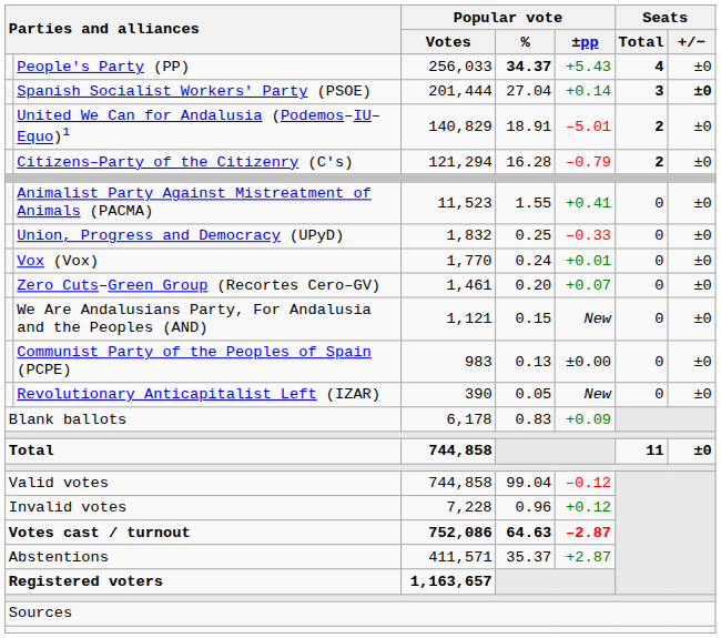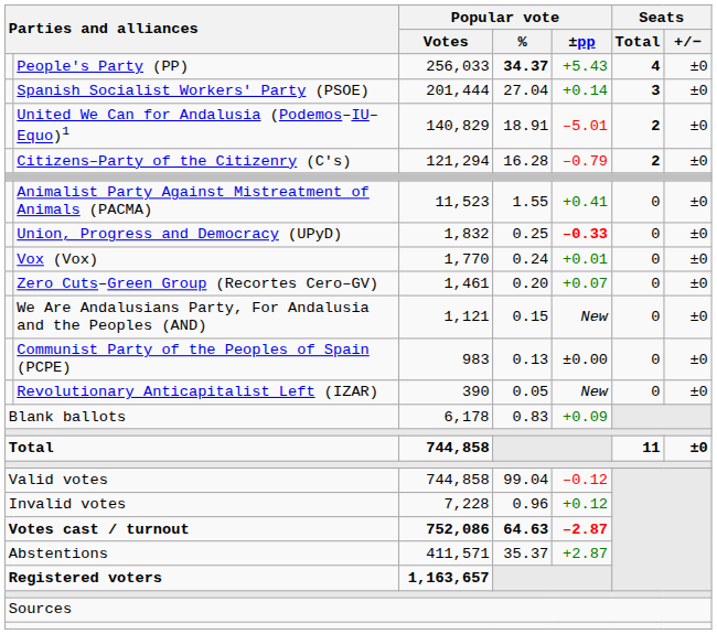 <table class="wikitable" style="text-align:right;">
 <tr>
 <th style="text-align:left;" rowspan="2" colspan="2" width="525">Parties and alliances</th>
 <th colspan="3">Popular vote</th>
 <th colspan="2">Seats</th>
 </tr>
 <tr>
 <th width="75">Votes</th>
 <th width="45">%</th>
 <th width="45">±<a href='#'>pp</a></th>
 <th width="35">Total</th>
 <th width="35">+/−</th>
 </tr>
 <tr>
 <td width="1" style="color:inherit;background:"></td>
 <td align="left"><a href='#'>People's Party</a> (PP)</td>
 <td>256,033</td>
 <td><strong>34.37</strong></td>
 <td style="color:green;">+5.43</td>
 <td><strong>4</strong></td>
 <td>±0</td>
 </tr>
 <tr>
 <td style="color:inherit;background:"></td>
 <td align="left"><a href='#'>Spanish Socialist Workers' Party</a> (PSOE)</td>
 <td>201,444</td>
 <td>27.04</td>
 <td style="color:green;">+0.14</td>
 <td><strong>3</strong></td>
-<td><strong>±0</strong></td>
+<td>±0</td>
 </tr>
 <tr>
 <td style="color:inherit;background:"></td>
 <td align="left"><a href='#'>United We Can for Andalusia</a> (<a href='#'>Podemos</a>–<a href='#'>IU</a>–<a href='#'>Equo</a>)<sup>1</sup></td>
 <td>140,829</td>
 <td>18.91</td>
 <td style="color:red;">–5.01</td>
 <td><strong>2</strong></td>
 <td>±0</td>
 </tr>
 <tr>
 <td style="color:inherit;background:"></td>
 <td align="left"><a href='#'>Citizens–Party of the Citizenry</a> (C's)</td>
 <td>121,294</td>
 <td>16.28</td>
 <td style="color:red;">–0.79</td>
 <td><strong>2</strong></td>
 <td>±0</td>
 </tr>
 <tr>
 <td colspan="7" bgcolor="#C0C0C0"></td>
 </tr>
 <tr>
 <td style="color:inherit;background:"></td>
 <td align="left"><a href='#'>Animalist Party Against Mistreatment of Animals</a> (PACMA)</td>
 <td>11,523</td>
 <td>1.55</td>
 <td style="color:green;">+0.41</td>
 <td>0</td>
 <td>±0</td>
 </tr>
 <tr>
 <td style="color:inherit;background:"></td>
 <td align="left"><a href='#'>Union, Progress and Democracy</a> (UPyD)</td>
 <td>1,832</td>
 <td>0.25</td>
-<td style="color:red;">–0.33</td>
+<td style="color:red;"><strong>–0.33</strong></td>
 <td>0</td>
 <td>±0</td>
 </tr>
 <tr>
 <td style="color:inherit;background:"></td>
 <td align="left"><a href='#'>Vox</a> (Vox)</td>
 <td>1,770</td>
 <td>0.24</td>
 <td style="color:green;">+0.01</td>
 <td>0</td>
 <td>±0</td>
 </tr>
 <tr>
 <td style="color:inherit;background:"></td>
 <td align="left"><a href='#'>Zero Cuts</a>–<a href='#'>Green Group</a> (Recortes Cero–GV)</td>
 <td>1,461</td>
 <td>0.20</td>
 <td style="color:green;">+0.07</td>
 <td>0</td>
 <td>±0</td>
 </tr>
 <tr>
 <td style="color:inherit;background:"></td>
 <td align="left">We Are Andalusians Party, For Andalusia and the Peoples (AND)</td>
 <td>1,121</td>
 <td>0.15</td>
 <td><em>New</em></td>
 <td>0</td>
 <td>±0</td>
 </tr>
 <tr>
 <td style="color:inherit;background:"></td>
 <td align="left"><a href='#'>Communist Party of the Peoples of Spain</a> (PCPE)</td>
 <td>983</td>
 <td>0.13</td>
 <td>±0.00</td>
 <td>0</td>
 <td>±0</td>
 </tr>
 <tr>
 <td style="color:inherit;background:"></td>
 <td align="left"><a href='#'>Revolutionary Anticapitalist Left</a> (IZAR)</td>
 <td>390</td>
 <td>0.05</td>
 <td><em>New</em></td>
 <td>0</td>
 <td>±0</td>
 </tr>
 <tr>
 <td align="left" colspan="2">Blank ballots</td>
 <td>6,178</td>
 <td>0.83</td>
 <td style="color:green;">+0.09</td>
 <td bgcolor="#E9E9E9" colspan="2"></td>
 </tr>
 <tr>
 <td colspan="7" bgcolor="#E9E9E9"></td>
 </tr>
 <tr style="font-weight:bold;">
 <td align="left" colspan="2">Total</td>
 <td>744,858</td>
 <td bgcolor="#E9E9E9" colspan="2"></td>
 <td>11</td>
 <td>±0</td>
 </tr>
 <tr>
 <td colspan="7" bgcolor="#E9E9E9"></td>
 </tr>
 <tr>
 <td align="left" colspan="2">Valid votes</td>
 <td>744,858</td>
 <td>99.04</td>
 <td style="color:red;">–0.12</td>
 <td bgcolor="#E9E9E9" colspan="2" rowspan="5"></td>
 </tr>
 <tr>
 <td align="left" colspan="2">Invalid votes</td>
 <td>7,228</td>
 <td>0.96</td>
 <td style="color:green;">+0.12</td>
 </tr>
 <tr style="font-weight:bold;">
 <td align="left" colspan="2">Votes cast / turnout</td>
 <td>752,086</td>
 <td>64.63</td>
 <td style="color:red;">–2.87</td>
 </tr>
 <tr>
 <td align="left" colspan="2">Abstentions</td>
 <td>411,571</td>
 <td>35.37</td>
 <td style="color:green;">+2.87</td>
 </tr>
 <tr style="font-weight:bold;">
 <td align="left" colspan="2">Registered voters</td>
 <td>1,163,657</td>
 <td bgcolor="#E9E9E9" colspan="2"></td>
 </tr>
 <tr>
 <td colspan="7" bgcolor="#E9E9E9"></td>
 </tr>
 <tr>
 <td align="left" colspan="7">Sources</td>
 </tr>
 <tr>
 <td colspan="7" style="text-align:left; max-width:790px;"></td>
 </tr>
 </table>
